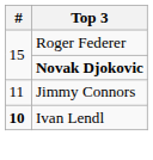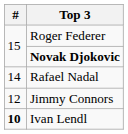 <table class="wikitable" style="display:inline-table;">
 <tr>
 <th width=20>#</th>
 <th>Top 3</th>
 </tr>
 <tr>
 <td rowspan="2">15</td>
 <td> Roger Federer</td>
 </tr>
 <tr>
 <td> <strong>Novak Djokovic</strong></td>
 </tr>
 <tr>
-<td>11</td>
+<td>14</td>
+<td> Rafael Nadal</td>
+</tr>
+<tr>
+<td>12</td>
 <td> Jimmy Connors</td>
 </tr>
 <tr>
 <td><strong>10</strong></td>
 <td> Ivan Lendl</td>
 </tr>
 </table>
